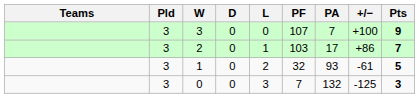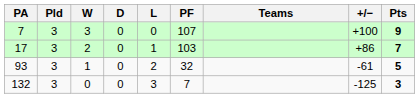 <table class="wikitable" style="text-align: center;">
 <tr>
-<th width="200">Teams</th>
+<th width="40">PA</th>
 <th width="40">Pld</th>
 <th width="40">W</th>
 <th width="40">D</th>
 <th width="40">L</th>
 <th width="40">PF</th>
-<th width="40">PA</th>
+<th width="200">Teams</th>
 <th width="40">+/−</th>
 <th width="40">Pts</th>
 </tr>
 <tr bgcolor=#ccffcc>
-<td align=left></td>
+<td>7</td>
 <td>3</td>
 <td>3</td>
 <td>0</td>
 <td>0</td>
 <td>107</td>
-<td>7</td>
+<td align=left></td>
 <td>+100</td>
 <td><strong>9</strong></td>
 </tr>
 <tr bgcolor=#ccffcc>
-<td align=left></td>
+<td>17</td>
 <td>3</td>
 <td>2</td>
 <td>0</td>
 <td>1</td>
 <td>103</td>
-<td>17</td>
+<td align=left></td>
 <td>+86</td>
 <td><strong>7</strong></td>
 </tr>
 <tr>
-<td align=left></td>
+<td>93</td>
 <td>3</td>
 <td>1</td>
 <td>0</td>
 <td>2</td>
 <td>32</td>
-<td>93</td>
+<td align=left></td>
 <td>-61</td>
 <td><strong>5</strong></td>
 </tr>
 <tr>
-<td align=left></td>
+<td>132</td>
 <td>3</td>
 <td>0</td>
 <td>0</td>
 <td>3</td>
 <td>7</td>
-<td>132</td>
+<td align=left></td>
 <td>-125</td>
 <td><strong>3</strong></td>
 </tr>
 </table>
